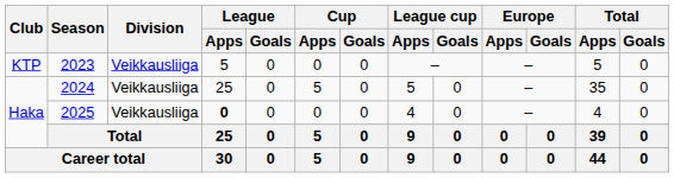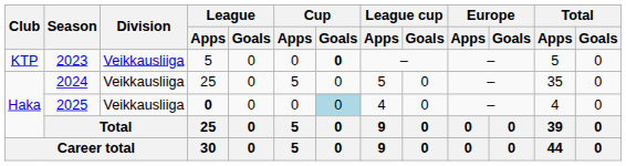 <table class="wikitable" style="text-align:center">
 <tr>
 <th rowspan="2">Club</th>
 <th rowspan="2">Season</th>
 <th rowspan="2">Division</th>
 <th colspan="2">League</th>
 <th colspan="2">Cup</th>
 <th colspan="2">League cup</th>
 <th colspan="2">Europe</th>
 <th colspan="2">Total</th>
 </tr>
 <tr>
 <th>Apps</th>
 <th>Goals</th>
 <th>Apps</th>
 <th>Goals</th>
 <th>Apps</th>
 <th>Goals</th>
 <th>Apps</th>
 <th>Goals</th>
 <th>Apps</th>
 <th>Goals</th>
 </tr>
 <tr>
 <td><a href='#'>KTP</a></td>
 <td><a href='#'>2023</a></td>
 <td><a href='#'>Veikkausliiga</a></td>
 <td>5</td>
 <td>0</td>
 <td>0</td>
-<td>0</td>
+<td><strong>0</strong></td>
 <td colspan="2">–</td>
 <td colspan="2">–</td>
 <td>5</td>
 <td>0</td>
 </tr>
 <tr>
 <td rowspan=3><a href='#'>Haka</a></td>
 <td><a href='#'>2024</a></td>
 <td>Veikkausliiga</td>
 <td>25</td>
 <td>0</td>
 <td>5</td>
 <td>0</td>
 <td>5</td>
 <td>0</td>
 <td colspan="2">–</td>
 <td>35</td>
 <td>0</td>
 </tr>
 <tr>
 <td><a href='#'>2025</a></td>
 <td>Veikkausliiga</td>
 <td><strong>0</strong></td>
 <td>0</td>
 <td>0</td>
-<td>0</td>
+<td style="background: lightblue;">0</td>
 <td>4</td>
 <td>0</td>
 <td colspan=2>–</td>
 <td>4</td>
 <td>0</td>
 </tr>
 <tr>
 <th colspan=2>Total</th>
 <th>25</th>
 <th>0</th>
 <th>5</th>
 <th>0</th>
 <th>9</th>
 <th>0</th>
 <th>0</th>
 <th>0</th>
 <th>39</th>
 <th>0</th>
 </tr>
 <tr>
 <th colspan="3">Career total</th>
 <th>30</th>
 <th>0</th>
 <th>5</th>
 <th>0</th>
 <th>9</th>
 <th>0</th>
 <th>0</th>
 <th>0</th>
 <th>44</th>
 <th>0</th>
 </tr>
 </table>
